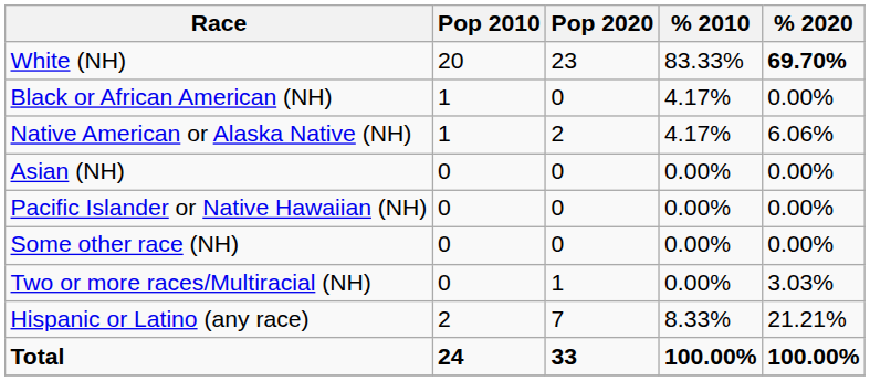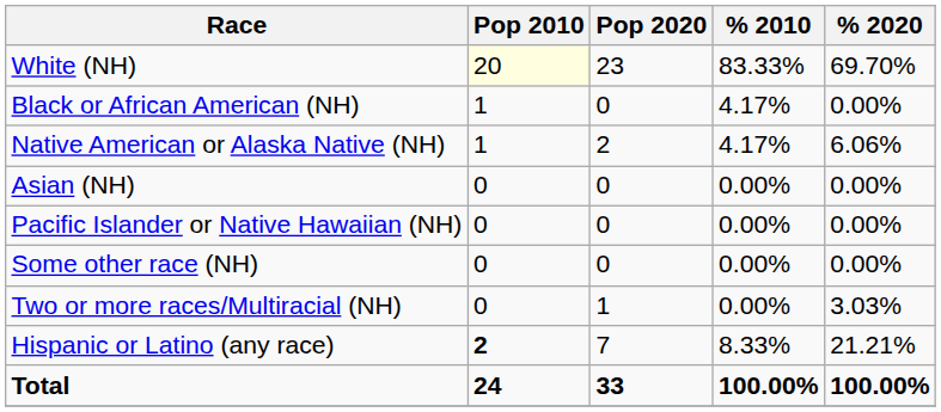 <table class="wikitable">
 <tr>
 <th>Race</th>
 <th>Pop 2010</th>
 <th>Pop 2020</th>
 <th>% 2010</th>
 <th>% 2020</th>
 </tr>
 <tr>
 <td><a href='#'>White</a> (NH)</td>
-<td>20</td>
+<td style="background: lightyellow;">20</td>
 <td>23</td>
 <td>83.33%</td>
-<td><strong>69.70%</strong></td>
+<td>69.70%</td>
 </tr>
 <tr>
 <td><a href='#'>Black or African American</a> (NH)</td>
 <td>1</td>
 <td>0</td>
 <td>4.17%</td>
 <td>0.00%</td>
 </tr>
 <tr>
 <td><a href='#'>Native American</a> or <a href='#'>Alaska Native</a> (NH)</td>
 <td>1</td>
 <td>2</td>
 <td>4.17%</td>
 <td>6.06%</td>
 </tr>
 <tr>
 <td><a href='#'>Asian</a> (NH)</td>
 <td>0</td>
 <td>0</td>
 <td>0.00%</td>
 <td>0.00%</td>
 </tr>
 <tr>
 <td><a href='#'>Pacific Islander</a> or <a href='#'>Native Hawaiian</a> (NH)</td>
 <td>0</td>
 <td>0</td>
 <td>0.00%</td>
 <td>0.00%</td>
 </tr>
 <tr>
 <td><a href='#'>Some other race</a> (NH)</td>
 <td>0</td>
 <td>0</td>
 <td>0.00%</td>
 <td>0.00%</td>
 </tr>
 <tr>
 <td><a href='#'>Two or more races/Multiracial</a> (NH)</td>
 <td>0</td>
 <td>1</td>
 <td>0.00%</td>
 <td>3.03%</td>
 </tr>
 <tr>
 <td><a href='#'>Hispanic or Latino</a> (any race)</td>
-<td>2</td>
+<td><strong>2</strong></td>
 <td>7</td>
 <td>8.33%</td>
 <td>21.21%</td>
 </tr>
 <tr>
 <td><strong>Total</strong></td>
 <td><strong>24</strong></td>
 <td><strong>33</strong></td>
 <td><strong>100.00%</strong></td>
 <td><strong>100.00%</strong></td>
 </tr>
 <tr>
 </tr>
 </table>
